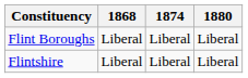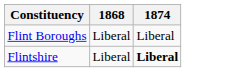 <table class="wikitable">
 <tr>
 <th>Constituency</th>
 <th>1868</th>
 <th>1874</th>
-<th>1880</th>
 </tr>
 <tr>
 <td><a href='#'>Flint Boroughs</a></td>
-<td>Liberal</td>
 <td>Liberal</td>
 <td>Liberal</td>
 </tr>
 <tr>
 <td><a href='#'>Flintshire</a></td>
 <td>Liberal</td>
-<td>Liberal</td>
-<td>Liberal</td>
+<td><strong>Liberal</strong></td>
 </tr>
 </table>
